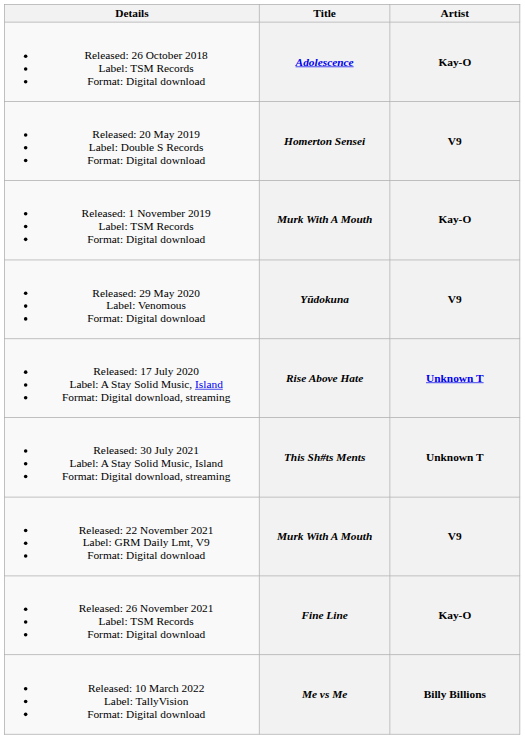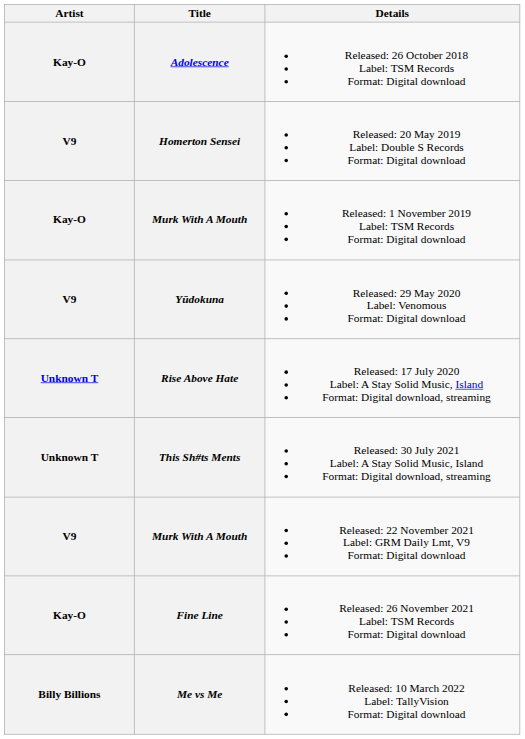 <table class="wikitable plainrowheaders" style="text-align:center;">
 <tr>
+<th scope="col" style="width:11em;">Artist</th>
+<th scope="col" style="width:11em;">Title</th>
 <th scope="col" style="width:22em;">Details</th>
-<th scope="col" style="width:11em;">Title</th>
-<th scope="col" style="width:11em;">Artist</th>
 </tr>
 <tr>
+<th scope="row">Kay-O</th>
+<th scope="row"><em><a href='#'>Adolescence</a></em></th>
 <td><br><ul><li>Released: 26 October 2018</li><li>Label: TSM Records</li><li>Format: Digital download</li></ul></td>
-<th scope="row"><em><a href='#'>Adolescence</a></em></th>
-<th scope="row">Kay-O</th>
 </tr>
 <tr>
+<th scope="row">V9</th>
+<th scope="row"><em>Homerton Sensei</em></th>
 <td><br><ul><li>Released: 20 May 2019</li><li>Label: Double S Records</li><li>Format: Digital download</li></ul></td>
-<th scope="row"><em>Homerton Sensei</em></th>
-<th scope="row">V9</th>
 </tr>
 <tr>
+<th scope="row">Kay-O</th>
+<th scope="row"><em>Murk With A Mouth</em></th>
 <td><br><ul><li>Released: 1 November 2019</li><li>Label: TSM Records</li><li>Format: Digital download</li></ul></td>
-<th scope="row"><em>Murk With A Mouth</em></th>
-<th scope="row">Kay-O</th>
 </tr>
 <tr>
+<th scope="row">V9</th>
+<th scope="row"><em>Yūdokuna</em></th>
 <td><br><ul><li>Released: 29 May 2020</li><li>Label: Venomous</li><li>Format: Digital download</li></ul></td>
-<th scope="row"><em>Yūdokuna</em></th>
-<th scope="row">V9</th>
 </tr>
 <tr>
+<th scope="row"><a href='#'>Unknown T</a></th>
+<th scope="row"><em>Rise Above Hate</em></th>
 <td><br><ul><li>Released: 17 July 2020</li><li>Label: A Stay Solid Music, <a href='#'>Island</a></li><li>Format: Digital download, streaming</li></ul></td>
-<th scope="row"><em>Rise Above Hate</em></th>
-<th scope="row"><a href='#'>Unknown T</a></th>
 </tr>
 <tr>
+<th scope="row">Unknown T</th>
+<th scope="row"><em>This Sh#ts Ments</em></th>
 <td><br><ul><li>Released: 30 July 2021</li><li>Label: A Stay Solid Music, Island</li><li>Format: Digital download, streaming</li></ul></td>
-<th scope="row"><em>This Sh#ts Ments</em></th>
-<th scope="row">Unknown T</th>
 </tr>
 <tr>
+<th scope="row">V9</th>
+<th scope="row"><em>Murk With A Mouth</em></th>
 <td><br><ul><li>Released: 22 November 2021</li><li>Label: GRM Daily Lmt, V9</li><li>Format: Digital download</li></ul></td>
-<th scope="row"><em>Murk With A Mouth</em></th>
-<th scope="row">V9</th>
 </tr>
 <tr>
+<th scope="row">Kay-O</th>
+<th scope="row"><em>Fine Line</em></th>
 <td><br><ul><li>Released: 26 November 2021</li><li>Label: TSM Records</li><li>Format: Digital download</li></ul></td>
-<th scope="row"><em>Fine Line</em></th>
-<th scope="row">Kay-O</th>
 </tr>
 <tr>
+<th scope="row">Billy Billions</th>
+<th scope="row"><em>Me vs Me</em></th>
 <td><br><ul><li>Released: 10 March 2022</li><li>Label: TallyVision</li><li>Format: Digital download</li></ul></td>
-<th scope="row"><em>Me vs Me</em></th>
-<th scope="row">Billy Billions</th>
 </tr>
 </table>
